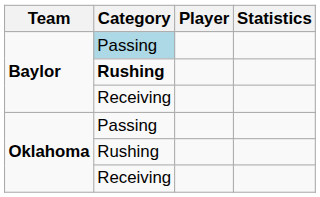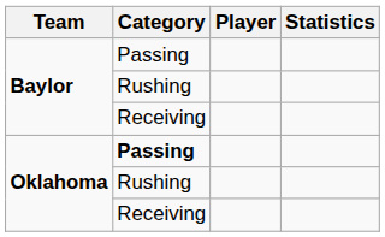 <table class="wikitable" style="float: left;">
 <tr>
 <th>Team</th>
 <th>Category</th>
 <th>Player</th>
 <th>Statistics</th>
 </tr>
 <tr>
 <td rowspan=3><strong>Baylor</strong></td>
-<td style="background: lightblue;">Passing</td>
-<td></td>
-<td></td>
-</tr>
-<tr>
-<td><strong>Rushing</strong></td>
-<td></td>
-<td></td>
-</tr>
-<tr>
-<td>Receiving</td>
-<td></td>
-<td></td>
-</tr>
-<tr>
-<td rowspan=3><strong>Oklahoma</strong></td>
 <td>Passing</td>
 <td></td>
 <td></td>
 </tr>
 <tr>
 <td>Rushing</td>
 <td></td>
 <td></td>
 </tr>
 <tr>
 <td>Receiving</td>
 <td></td>
 <td></td>
 </tr>
+<tr>
+<td rowspan=3><strong>Oklahoma</strong></td>
+<td><strong>Passing</strong></td>
+<td></td>
+<td></td>
+</tr>
+<tr>
+<td>Rushing</td>
+<td></td>
+<td></td>
+</tr>
+<tr>
+<td>Receiving</td>
+<td></td>
+<td></td>
+</tr>
 </table>
